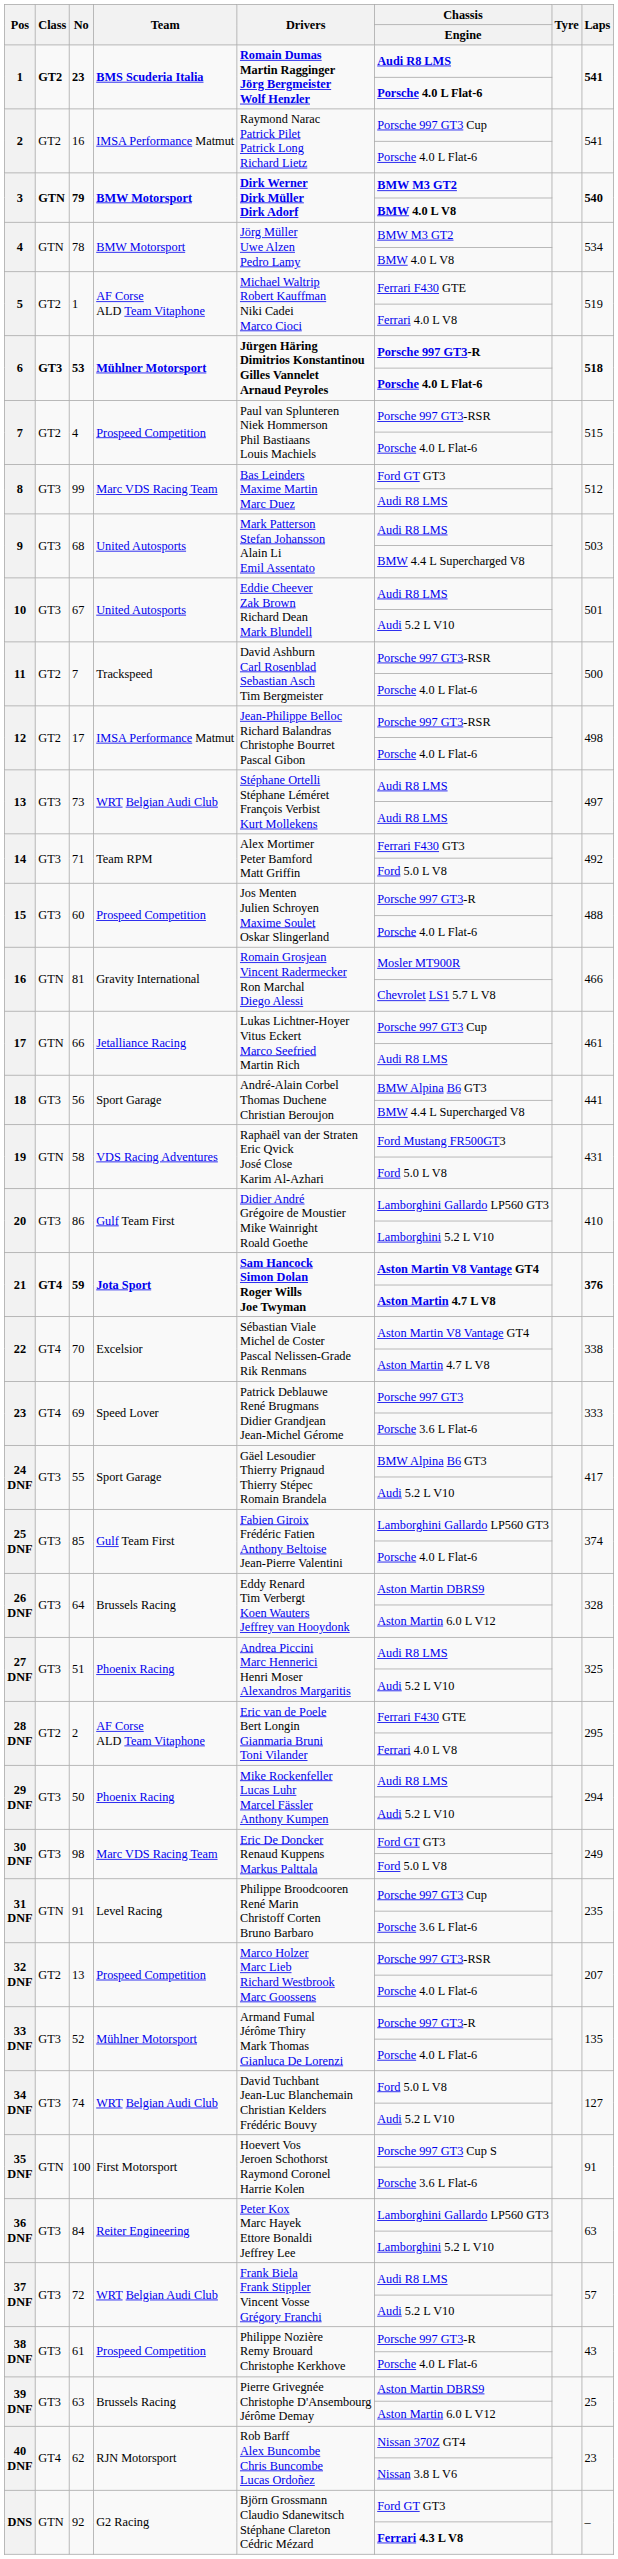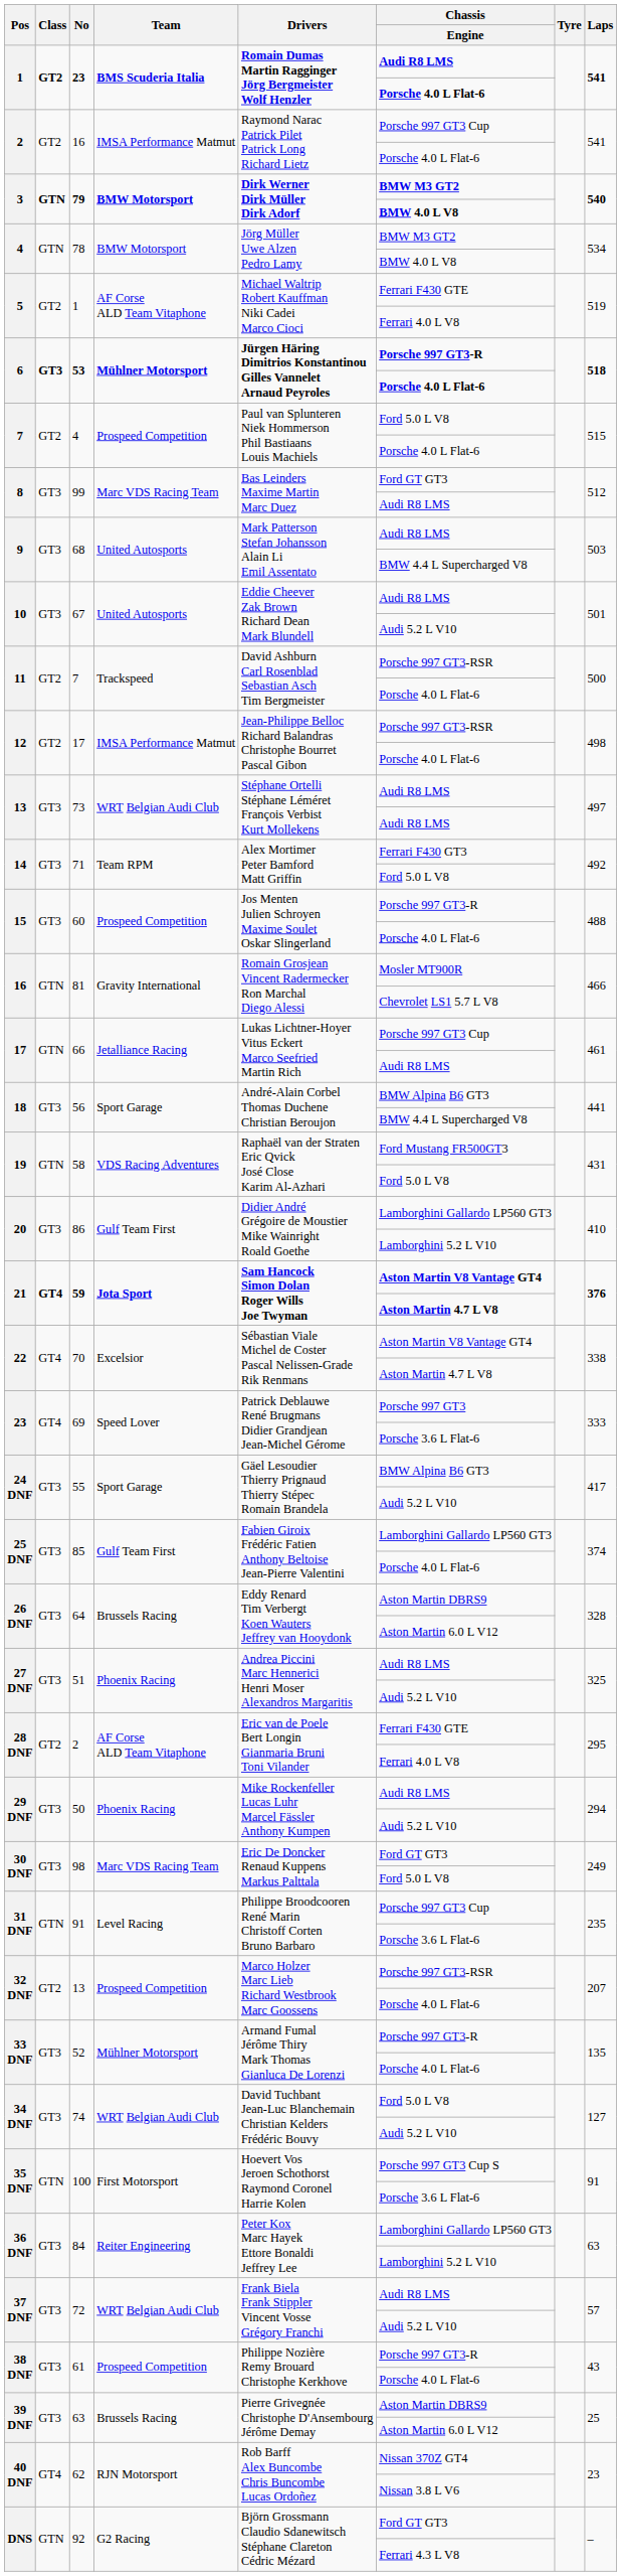 <table class="wikitable" style="font-size: 95%;">
 <tr>
 <th rowspan=2>Pos</th>
 <th rowspan=2>Class</th>
 <th rowspan=2>No</th>
 <th rowspan=2>Team</th>
 <th rowspan=2>Drivers</th>
 <th>Chassis</th>
 <th rowspan=2>Tyre</th>
 <th rowspan=2>Laps</th>
 </tr>
 <tr>
 <th>Engine</th>
 </tr>
 <tr style="font-weight:bold">
 <th rowspan=2>1</th>
 <td rowspan=2>GT2</td>
 <td rowspan=2>23</td>
 <td rowspan=2> <a href='#'>BMS Scuderia Italia</a></td>
 <td rowspan=2> <a href='#'>Romain Dumas</a><br> Martin Ragginger<br> <a href='#'>Jörg Bergmeister</a><br> <a href='#'>Wolf Henzler</a></td>
 <td><a href='#'>Audi R8 LMS</a></td>
 <td rowspan=2></td>
 <td rowspan=2>541</td>
 </tr>
 <tr style="font-weight:bold">
 <td><a href='#'>Porsche</a> 4.0 L Flat-6</td>
 </tr>
 <tr>
 <th rowspan=2>2</th>
 <td rowspan=2>GT2</td>
 <td rowspan=2>16</td>
 <td rowspan=2> <a href='#'>IMSA Performance</a> Matmut</td>
 <td rowspan=2> Raymond Narac<br> <a href='#'>Patrick Pilet</a><br> <a href='#'>Patrick Long</a><br> <a href='#'>Richard Lietz</a></td>
 <td><a href='#'>Porsche 997 GT3</a> Cup</td>
 <td rowspan=2></td>
 <td rowspan=2>541</td>
 </tr>
 <tr>
 <td><a href='#'>Porsche</a> 4.0 L Flat-6</td>
 </tr>
 <tr style="font-weight:bold">
 <th rowspan=2>3</th>
 <td rowspan=2>GTN</td>
 <td rowspan=2>79</td>
 <td rowspan=2> <a href='#'>BMW Motorsport</a></td>
 <td rowspan=2> <a href='#'>Dirk Werner</a><br> <a href='#'>Dirk Müller</a><br> <a href='#'>Dirk Adorf</a></td>
 <td><a href='#'>BMW M3 GT2</a></td>
 <td rowspan=2></td>
 <td rowspan=2>540</td>
 </tr>
 <tr style="font-weight:bold">
 <td><a href='#'>BMW</a> 4.0 L V8</td>
 </tr>
 <tr>
 <th rowspan=2>4</th>
 <td rowspan=2>GTN</td>
 <td rowspan=2>78</td>
 <td rowspan=2> <a href='#'>BMW Motorsport</a></td>
 <td rowspan=2> <a href='#'>Jörg Müller</a><br> <a href='#'>Uwe Alzen</a><br> <a href='#'>Pedro Lamy</a></td>
 <td><a href='#'>BMW M3 GT2</a></td>
 <td rowspan=2></td>
 <td rowspan=2>534</td>
 </tr>
 <tr>
 <td><a href='#'>BMW</a> 4.0 L V8</td>
 </tr>
 <tr>
 <th rowspan=2>5</th>
 <td rowspan=2>GT2</td>
 <td rowspan=2>1</td>
 <td rowspan=2> <a href='#'>AF Corse</a><br> ALD <a href='#'>Team Vitaphone</a></td>
 <td rowspan=2> <a href='#'>Michael Waltrip</a><br> <a href='#'>Robert Kauffman</a><br> Niki Cadei<br> <a href='#'>Marco Cioci</a></td>
 <td><a href='#'>Ferrari F430</a> GTE</td>
 <td rowspan=2></td>
 <td rowspan=2>519</td>
 </tr>
 <tr>
 <td><a href='#'>Ferrari</a> 4.0 L V8</td>
 </tr>
 <tr style="font-weight:bold">
 <th rowspan=2>6</th>
 <td rowspan=2>GT3</td>
 <td rowspan=2>53</td>
 <td rowspan=2> <a href='#'>Mühlner Motorsport</a></td>
 <td rowspan=2> Jürgen Häring<br> Dimitrios Konstantinou<br> Gilles Vannelet<br> Arnaud Peyroles</td>
 <td><a href='#'>Porsche 997 GT3</a>-R</td>
 <td rowspan=2></td>
 <td rowspan=2>518</td>
 </tr>
 <tr style="font-weight:bold">
 <td><a href='#'>Porsche</a> 4.0 L Flat-6</td>
 </tr>
 <tr>
 <th rowspan=2>7</th>
 <td rowspan=2>GT2</td>
 <td rowspan=2>4</td>
 <td rowspan=2> <a href='#'>Prospeed Competition</a></td>
 <td rowspan=2> Paul van Splunteren<br> Niek Hommerson<br> Phil Bastiaans<br> Louis Machiels</td>
-<td><a href='#'>Porsche 997 GT3</a>-RSR</td>
+<td><a href='#'>Ford</a> 5.0 L V8</td>
 <td rowspan=2></td>
 <td rowspan=2>515</td>
 </tr>
 <tr>
 <td><a href='#'>Porsche</a> 4.0 L Flat-6</td>
 </tr>
 <tr>
 <th rowspan=2>8</th>
 <td rowspan=2>GT3</td>
 <td rowspan=2>99</td>
 <td rowspan=2> <a href='#'>Marc VDS Racing Team</a></td>
 <td rowspan=2> <a href='#'>Bas Leinders</a><br> <a href='#'>Maxime Martin</a><br> <a href='#'>Marc Duez</a></td>
 <td><a href='#'>Ford GT</a> GT3</td>
 <td rowspan=2></td>
 <td rowspan=2>512</td>
 </tr>
 <tr>
 <td><a href='#'>Audi R8 LMS</a></td>
 </tr>
 <tr>
 <th rowspan=2>9</th>
 <td rowspan=2>GT3</td>
 <td rowspan=2>68</td>
 <td rowspan=2> <a href='#'>United Autosports</a></td>
 <td rowspan=2> <a href='#'>Mark Patterson</a><br> <a href='#'>Stefan Johansson</a><br> Alain Li<br> <a href='#'>Emil Assentato</a></td>
 <td><a href='#'>Audi R8 LMS</a></td>
 <td rowspan=2></td>
 <td rowspan=2>503</td>
 </tr>
 <tr>
 <td><a href='#'>BMW</a> 4.4 L Supercharged V8</td>
 </tr>
 <tr>
 <th rowspan=2>10</th>
 <td rowspan=2>GT3</td>
 <td rowspan=2>67</td>
 <td rowspan=2> <a href='#'>United Autosports</a></td>
 <td rowspan=2> <a href='#'>Eddie Cheever</a><br> <a href='#'>Zak Brown</a><br> Richard Dean<br> <a href='#'>Mark Blundell</a></td>
 <td><a href='#'>Audi R8 LMS</a></td>
 <td rowspan=2></td>
 <td rowspan=2>501</td>
 </tr>
 <tr>
 <td><a href='#'>Audi</a> 5.2 L V10</td>
 </tr>
 <tr>
 <th rowspan=2>11</th>
 <td rowspan=2>GT2</td>
 <td rowspan=2>7</td>
 <td rowspan=2> Trackspeed</td>
 <td rowspan=2> David Ashburn<br> <a href='#'>Carl Rosenblad</a><br> <a href='#'>Sebastian Asch</a><br> Tim Bergmeister</td>
 <td><a href='#'>Porsche 997 GT3</a>-RSR</td>
 <td rowspan=2></td>
 <td rowspan=2>500</td>
 </tr>
 <tr>
 <td><a href='#'>Porsche</a> 4.0 L Flat-6</td>
 </tr>
 <tr>
 <th rowspan=2>12</th>
 <td rowspan=2>GT2</td>
 <td rowspan=2>17</td>
 <td rowspan=2> <a href='#'>IMSA Performance</a> Matmut</td>
 <td rowspan=2> <a href='#'>Jean-Philippe Belloc</a><br> Richard Balandras<br> Christophe Bourret<br> Pascal Gibon</td>
 <td><a href='#'>Porsche 997 GT3</a>-RSR</td>
 <td rowspan=2></td>
 <td rowspan=2>498</td>
 </tr>
 <tr>
 <td><a href='#'>Porsche</a> 4.0 L Flat-6</td>
 </tr>
 <tr>
 <th rowspan=2>13</th>
 <td rowspan=2>GT3</td>
 <td rowspan=2>73</td>
 <td rowspan=2> <a href='#'>WRT</a> <a href='#'>Belgian Audi Club</a></td>
 <td rowspan=2> <a href='#'>Stéphane Ortelli</a><br> Stéphane Léméret<br> François Verbist<br> <a href='#'>Kurt Mollekens</a></td>
 <td><a href='#'>Audi R8 LMS</a></td>
 <td rowspan=2></td>
 <td rowspan=2>497</td>
 </tr>
 <tr>
 <td><a href='#'>Audi R8 LMS</a></td>
 </tr>
 <tr>
 <th rowspan=2>14</th>
 <td rowspan=2>GT3</td>
 <td rowspan=2>71</td>
 <td rowspan=2> Team RPM</td>
 <td rowspan=2> Alex Mortimer<br> Peter Bamford<br> Matt Griffin</td>
 <td><a href='#'>Ferrari F430</a> GT3</td>
 <td rowspan=2></td>
 <td rowspan=2>492</td>
 </tr>
 <tr>
 <td><a href='#'>Ford</a> 5.0 L V8</td>
 </tr>
 <tr>
 <th rowspan=2>15</th>
 <td rowspan=2>GT3</td>
 <td rowspan=2>60</td>
 <td rowspan=2> <a href='#'>Prospeed Competition</a></td>
 <td rowspan=2> Jos Menten<br> Julien Schroyen<br> <a href='#'>Maxime Soulet</a><br> Oskar Slingerland</td>
 <td><a href='#'>Porsche 997 GT3</a>-R</td>
 <td rowspan=2></td>
 <td rowspan=2>488</td>
 </tr>
 <tr>
 <td><a href='#'>Porsche</a> 4.0 L Flat-6</td>
 </tr>
 <tr>
 <th rowspan=2>16</th>
 <td rowspan=2>GTN</td>
 <td rowspan=2>81</td>
 <td rowspan=2> Gravity International</td>
 <td rowspan=2> <a href='#'>Romain Grosjean</a><br> <a href='#'>Vincent Radermecker</a><br> Ron Marchal<br> <a href='#'>Diego Alessi</a></td>
 <td><a href='#'>Mosler MT900R</a></td>
 <td rowspan=2></td>
 <td rowspan=2>466</td>
 </tr>
 <tr>
 <td><a href='#'>Chevrolet</a> <a href='#'>LS1</a> 5.7 L V8</td>
 </tr>
 <tr>
 <th rowspan=2>17</th>
 <td rowspan=2>GTN</td>
 <td rowspan=2>66</td>
 <td rowspan=2> <a href='#'>Jetalliance Racing</a></td>
 <td rowspan=2> Lukas Lichtner-Hoyer<br> Vitus Eckert<br> <a href='#'>Marco Seefried</a><br> Martin Rich</td>
 <td><a href='#'>Porsche 997 GT3</a> Cup</td>
 <td rowspan=2></td>
 <td rowspan=2>461</td>
 </tr>
 <tr>
 <td><a href='#'>Audi R8 LMS</a></td>
 </tr>
 <tr>
 <th rowspan=2>18</th>
 <td rowspan=2>GT3</td>
 <td rowspan=2>56</td>
 <td rowspan=2> Sport Garage</td>
 <td rowspan=2> André-Alain Corbel<br> Thomas Duchene<br> Christian Beroujon</td>
 <td><a href='#'>BMW Alpina</a> <a href='#'>B6</a> GT3</td>
 <td rowspan=2></td>
 <td rowspan=2>441</td>
 </tr>
 <tr>
 <td><a href='#'>BMW</a> 4.4 L Supercharged V8</td>
 </tr>
 <tr>
 <th rowspan=2>19</th>
 <td rowspan=2>GTN</td>
 <td rowspan=2>58</td>
 <td rowspan=2> <a href='#'>VDS Racing Adventures</a></td>
 <td rowspan=2> Raphaël van der Straten<br> Eric Qvick<br> José Close<br> Karim Al-Azhari</td>
 <td><a href='#'>Ford Mustang FR500GT</a>3</td>
 <td rowspan=2></td>
 <td rowspan=2>431</td>
 </tr>
 <tr>
 <td><a href='#'>Ford</a> 5.0 L V8</td>
 </tr>
 <tr>
 <th rowspan=2>20</th>
 <td rowspan=2>GT3</td>
 <td rowspan=2>86</td>
 <td rowspan=2> <a href='#'>Gulf</a> Team First</td>
 <td rowspan=2> <a href='#'>Didier André</a><br> Grégoire de Moustier<br> Mike Wainright<br> Roald Goethe</td>
 <td><a href='#'>Lamborghini Gallardo</a> LP560 GT3</td>
 <td rowspan=2></td>
 <td rowspan=2>410</td>
 </tr>
 <tr>
 <td><a href='#'>Lamborghini</a> 5.2 L V10</td>
 </tr>
 <tr style="font-weight:bold">
 <th rowspan=2>21</th>
 <td rowspan=2>GT4</td>
 <td rowspan=2>59</td>
 <td rowspan=2> <a href='#'>Jota Sport</a></td>
 <td rowspan=2> <a href='#'>Sam Hancock</a><br> <a href='#'>Simon Dolan</a><br> Roger Wills<br> Joe Twyman</td>
 <td><a href='#'>Aston Martin V8 Vantage</a> GT4</td>
 <td rowspan=2></td>
 <td rowspan=2>376</td>
 </tr>
 <tr style="font-weight:bold">
 <td><a href='#'>Aston Martin</a> 4.7 L V8</td>
 </tr>
 <tr>
 <th rowspan=2>22</th>
 <td rowspan=2>GT4</td>
 <td rowspan=2>70</td>
 <td rowspan=2> Excelsior</td>
 <td rowspan=2> Sébastian Viale<br> Michel de Coster<br> Pascal Nelissen-Grade<br> Rik Renmans</td>
 <td><a href='#'>Aston Martin V8 Vantage</a> GT4</td>
 <td rowspan=2></td>
 <td rowspan=2>338</td>
 </tr>
 <tr>
 <td><a href='#'>Aston Martin</a> 4.7 L V8</td>
 </tr>
 <tr>
 <th rowspan=2>23</th>
 <td rowspan=2>GT4</td>
 <td rowspan=2>69</td>
 <td rowspan=2> Speed Lover</td>
 <td rowspan=2> Patrick Deblauwe<br> René Brugmans<br> Didier Grandjean<br> Jean-Michel Gérome</td>
 <td><a href='#'>Porsche 997 GT3</a></td>
 <td rowspan=2></td>
 <td rowspan=2>333</td>
 </tr>
 <tr>
 <td><a href='#'>Porsche</a> 3.6 L Flat-6</td>
 </tr>
 <tr>
 <th rowspan=2>24<br>DNF</th>
 <td rowspan=2>GT3</td>
 <td rowspan=2>55</td>
 <td rowspan=2> Sport Garage</td>
 <td rowspan=2> Gäel Lesoudier<br> Thierry Prignaud<br> Thierry Stépec<br> Romain Brandela</td>
 <td><a href='#'>BMW Alpina</a> <a href='#'>B6</a> GT3</td>
 <td rowspan=2></td>
 <td rowspan=2>417</td>
 </tr>
 <tr>
 <td><a href='#'>Audi</a> 5.2 L V10</td>
 </tr>
 <tr>
 <th rowspan=2>25<br>DNF</th>
 <td rowspan=2>GT3</td>
 <td rowspan=2>85</td>
 <td rowspan=2> <a href='#'>Gulf</a> Team First</td>
 <td rowspan=2> <a href='#'>Fabien Giroix</a><br> Frédéric Fatien<br> <a href='#'>Anthony Beltoise</a><br> Jean-Pierre Valentini</td>
 <td><a href='#'>Lamborghini Gallardo</a> LP560 GT3</td>
 <td rowspan=2></td>
 <td rowspan=2>374</td>
 </tr>
 <tr>
 <td><a href='#'>Porsche</a> 4.0 L Flat-6</td>
 </tr>
 <tr>
 <th rowspan=2>26<br>DNF</th>
 <td rowspan=2>GT3</td>
 <td rowspan=2>64</td>
 <td rowspan=2> Brussels Racing</td>
 <td rowspan=2> Eddy Renard<br> Tim Verbergt<br> <a href='#'>Koen Wauters</a><br> <a href='#'>Jeffrey van Hooydonk</a></td>
 <td><a href='#'>Aston Martin DBRS9</a></td>
 <td rowspan=2></td>
 <td rowspan=2>328</td>
 </tr>
 <tr>
 <td><a href='#'>Aston Martin</a> 6.0 L V12</td>
 </tr>
 <tr>
 <th rowspan=2>27<br>DNF</th>
 <td rowspan=2>GT3</td>
 <td rowspan=2>51</td>
 <td rowspan=2> <a href='#'>Phoenix Racing</a></td>
 <td rowspan=2> <a href='#'>Andrea Piccini</a><br> <a href='#'>Marc Hennerici</a><br> Henri Moser<br> <a href='#'>Alexandros Margaritis</a></td>
 <td><a href='#'>Audi R8 LMS</a></td>
 <td rowspan=2></td>
 <td rowspan=2>325</td>
 </tr>
 <tr>
 <td><a href='#'>Audi</a> 5.2 L V10</td>
 </tr>
 <tr>
 <th rowspan=2>28<br>DNF</th>
 <td rowspan=2>GT2</td>
 <td rowspan=2>2</td>
 <td rowspan=2> <a href='#'>AF Corse</a><br> ALD <a href='#'>Team Vitaphone</a></td>
 <td rowspan=2> <a href='#'>Eric van de Poele</a><br> Bert Longin<br> <a href='#'>Gianmaria Bruni</a><br> <a href='#'>Toni Vilander</a></td>
 <td><a href='#'>Ferrari F430</a> GTE</td>
 <td rowspan=2></td>
 <td rowspan=2>295</td>
 </tr>
 <tr>
 <td><a href='#'>Ferrari</a> 4.0 L V8</td>
 </tr>
 <tr>
 <th rowspan=2>29<br>DNF</th>
 <td rowspan=2>GT3</td>
 <td rowspan=2>50</td>
 <td rowspan=2> <a href='#'>Phoenix Racing</a></td>
 <td rowspan=2> <a href='#'>Mike Rockenfeller</a><br> <a href='#'>Lucas Luhr</a><br> <a href='#'>Marcel Fässler</a><br> <a href='#'>Anthony Kumpen</a></td>
 <td><a href='#'>Audi R8 LMS</a></td>
 <td rowspan=2></td>
 <td rowspan=2>294</td>
 </tr>
 <tr>
 <td><a href='#'>Audi</a> 5.2 L V10</td>
 </tr>
 <tr>
 <th rowspan=2>30<br>DNF</th>
 <td rowspan=2>GT3</td>
 <td rowspan=2>98</td>
 <td rowspan=2> <a href='#'>Marc VDS Racing Team</a></td>
 <td rowspan=2> <a href='#'>Eric De Doncker</a><br> Renaud Kuppens<br> <a href='#'>Markus Palttala</a></td>
 <td><a href='#'>Ford GT</a> GT3</td>
 <td rowspan=2></td>
 <td rowspan=2>249</td>
 </tr>
 <tr>
 <td><a href='#'>Ford</a> 5.0 L V8</td>
 </tr>
 <tr>
 <th rowspan=2>31<br>DNF</th>
 <td rowspan=2>GTN</td>
 <td rowspan=2>91</td>
 <td rowspan=2> Level Racing</td>
 <td rowspan=2> Philippe Broodcooren<br> René Marin<br> Christoff Corten<br> Bruno Barbaro</td>
 <td><a href='#'>Porsche 997 GT3</a> Cup</td>
 <td rowspan=2></td>
 <td rowspan=2>235</td>
 </tr>
 <tr>
 <td><a href='#'>Porsche</a> 3.6 L Flat-6</td>
 </tr>
 <tr>
 <th rowspan=2>32<br>DNF</th>
 <td rowspan=2>GT2</td>
 <td rowspan=2>13</td>
 <td rowspan=2> <a href='#'>Prospeed Competition</a></td>
 <td rowspan=2> <a href='#'>Marco Holzer</a><br> <a href='#'>Marc Lieb</a><br> <a href='#'>Richard Westbrook</a><br> <a href='#'>Marc Goossens</a></td>
 <td><a href='#'>Porsche 997 GT3</a>-RSR</td>
 <td rowspan=2></td>
 <td rowspan=2>207</td>
 </tr>
 <tr>
 <td><a href='#'>Porsche</a> 4.0 L Flat-6</td>
 </tr>
 <tr>
 <th rowspan=2>33<br>DNF</th>
 <td rowspan=2>GT3</td>
 <td rowspan=2>52</td>
 <td rowspan=2> <a href='#'>Mühlner Motorsport</a></td>
 <td rowspan=2> Armand Fumal<br> Jérôme Thiry<br> Mark Thomas<br> <a href='#'>Gianluca De Lorenzi</a></td>
 <td><a href='#'>Porsche 997 GT3</a>-R</td>
 <td rowspan=2></td>
 <td rowspan=2>135</td>
 </tr>
 <tr>
 <td><a href='#'>Porsche</a> 4.0 L Flat-6</td>
 </tr>
 <tr>
 <th rowspan=2>34<br>DNF</th>
 <td rowspan=2>GT3</td>
 <td rowspan=2>74</td>
 <td rowspan=2> <a href='#'>WRT</a> <a href='#'>Belgian Audi Club</a></td>
 <td rowspan=2> David Tuchbant<br> Jean-Luc Blanchemain<br> Christian Kelders<br> Frédéric Bouvy</td>
 <td><a href='#'>Ford</a> 5.0 L V8</td>
 <td rowspan=2></td>
 <td rowspan=2>127</td>
 </tr>
 <tr>
 <td><a href='#'>Audi</a> 5.2 L V10</td>
 </tr>
 <tr>
 <th rowspan=2>35<br>DNF</th>
 <td rowspan=2>GTN</td>
 <td rowspan=2>100</td>
 <td rowspan=2> First Motorsport</td>
 <td rowspan=2> Hoevert Vos<br> Jeroen Schothorst<br> Raymond Coronel<br> Harrie Kolen</td>
 <td><a href='#'>Porsche 997 GT3</a> Cup S</td>
 <td rowspan=2></td>
 <td rowspan=2>91</td>
 </tr>
 <tr>
 <td><a href='#'>Porsche</a> 3.6 L Flat-6</td>
 </tr>
 <tr>
 <th rowspan=2>36<br>DNF</th>
 <td rowspan=2>GT3</td>
 <td rowspan=2>84</td>
 <td rowspan=2> <a href='#'>Reiter Engineering</a></td>
 <td rowspan=2> <a href='#'>Peter Kox</a><br> Marc Hayek<br> Ettore Bonaldi<br> Jeffrey Lee</td>
 <td><a href='#'>Lamborghini Gallardo</a> LP560 GT3</td>
 <td rowspan=2></td>
 <td rowspan=2>63</td>
 </tr>
 <tr>
 <td><a href='#'>Lamborghini</a> 5.2 L V10</td>
 </tr>
 <tr>
 <th rowspan=2>37<br>DNF</th>
 <td rowspan=2>GT3</td>
 <td rowspan=2>72</td>
 <td rowspan=2> <a href='#'>WRT</a> <a href='#'>Belgian Audi Club</a></td>
 <td rowspan=2> <a href='#'>Frank Biela</a><br> <a href='#'>Frank Stippler</a><br> Vincent Vosse<br> <a href='#'>Grégory Franchi</a></td>
 <td><a href='#'>Audi R8 LMS</a></td>
 <td rowspan=2></td>
 <td rowspan=2>57</td>
 </tr>
 <tr>
 <td><a href='#'>Audi</a> 5.2 L V10</td>
 </tr>
 <tr>
 <th rowspan=2>38<br>DNF</th>
 <td rowspan=2>GT3</td>
 <td rowspan=2>61</td>
 <td rowspan=2> <a href='#'>Prospeed Competition</a></td>
 <td rowspan=2> Philippe Nozière<br> Remy Brouard<br> Christophe Kerkhove</td>
 <td><a href='#'>Porsche 997 GT3</a>-R</td>
 <td rowspan=2></td>
 <td rowspan=2>43</td>
 </tr>
 <tr>
 <td><a href='#'>Porsche</a> 4.0 L Flat-6</td>
 </tr>
 <tr>
 <th rowspan=2>39<br>DNF</th>
 <td rowspan=2>GT3</td>
 <td rowspan=2>63</td>
 <td rowspan=2> Brussels Racing</td>
 <td rowspan=2> Pierre Grivegnée<br> Christophe D'Ansembourg<br> Jérôme Demay</td>
 <td><a href='#'>Aston Martin DBRS9</a></td>
 <td rowspan=2></td>
 <td rowspan=2>25</td>
 </tr>
 <tr>
 <td><a href='#'>Aston Martin</a> 6.0 L V12</td>
 </tr>
 <tr>
 <th rowspan=2>40<br>DNF</th>
 <td rowspan=2>GT4</td>
 <td rowspan=2>62</td>
 <td rowspan=2> RJN Motorsport</td>
 <td rowspan=2> Rob Barff<br> <a href='#'>Alex Buncombe</a><br> <a href='#'>Chris Buncombe</a><br> <a href='#'>Lucas Ordoñez</a></td>
 <td><a href='#'>Nissan 370Z</a> GT4</td>
 <td rowspan=2></td>
 <td rowspan=2>23</td>
 </tr>
 <tr>
 <td><a href='#'>Nissan</a> 3.8 L V6</td>
 </tr>
 <tr>
 <th rowspan=2>DNS</th>
 <td rowspan=2>GTN</td>
 <td rowspan=2>92</td>
 <td rowspan=2> G2 Racing</td>
 <td rowspan=2> Björn Grossmann<br> Claudio Sdanewitsch<br> Stéphane Clareton<br> Cédric Mézard</td>
 <td><a href='#'>Ford GT</a> GT3</td>
 <td rowspan=2></td>
 <td rowspan=2>–</td>
 </tr>
 <tr>
-<td><strong><a href='#'>Ferrari</a> 4.3 L V8</strong></td>
+<td><a href='#'>Ferrari</a> 4.3 L V8</td>
 </tr>
 </table>
